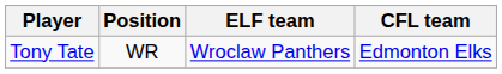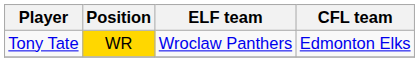 <table class="wikitable sortable" style="text-align:center;">
 <tr>
 <th>Player</th>
 <th>Position</th>
 <th>ELF team</th>
 <th>CFL team</th>
 </tr>
 <tr>
 <td><a href='#'>Tony Tate</a></td>
-<td>WR</td>
+<td style="background: gold;">WR</td>
 <td><a href='#'>Wroclaw Panthers</a></td>
 <td><a href='#'>Edmonton Elks</a></td>
 </tr>
 <tr>
 </tr>
 </table>
